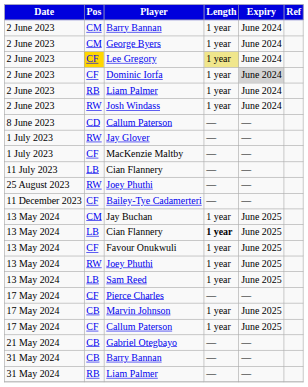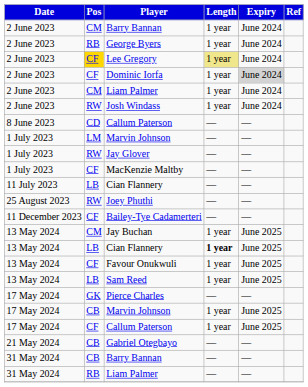 <table class="wikitable plainrowheaders sortable">
 <tr>
 <th style="background:#0000DD; color:#FFFFFF; ">Date</th>
 <th style="background:#0000DD; color:#FFFFFF; ">Pos</th>
 <th style="background:#0000DD; color:#FFFFFF; ">Player</th>
 <th style="background:#0000DD; color:#FFFFFF; ">Length</th>
 <th style="background:#0000DD; color:#FFFFFF; ">Expiry</th>
 <th style="background:#0000DD; color:#FFFFFF; ">Ref</th>
 </tr>
 <tr>
 <td>2 June 2023</td>
 <td><a href='#'>CM</a></td>
 <td> <a href='#'>Barry Bannan</a></td>
 <td>1 year</td>
 <td>June 2024</td>
 <td></td>
 </tr>
 <tr>
 <td>2 June 2023</td>
-<td><a href='#'>CM</a></td>
+<td><a href='#'>RB</a></td>
 <td> <a href='#'>George Byers</a></td>
 <td>1 year</td>
 <td>June 2024</td>
 <td></td>
 </tr>
 <tr>
 <td>2 June 2023</td>
 <td style="background: gold;"><a href='#'>CF</a></td>
 <td> <a href='#'>Lee Gregory</a></td>
 <td style="background: khaki;">1 year</td>
 <td>June 2024</td>
 <td></td>
 </tr>
 <tr>
 <td>2 June 2023</td>
 <td><a href='#'>CF</a></td>
 <td> <a href='#'>Dominic Iorfa</a></td>
 <td>1 year</td>
 <td style="background: lightgrey;">June 2024</td>
 <td></td>
 </tr>
 <tr>
 <td>2 June 2023</td>
-<td><a href='#'>RB</a></td>
+<td><a href='#'>CM</a></td>
 <td> <a href='#'>Liam Palmer</a></td>
 <td>1 year</td>
 <td>June 2024</td>
 <td></td>
 </tr>
 <tr>
 <td>2 June 2023</td>
 <td><a href='#'>RW</a></td>
 <td> <a href='#'>Josh Windass</a></td>
 <td>1 year</td>
 <td>June 2024</td>
 <td></td>
 </tr>
 <tr>
 <td>8 June 2023</td>
 <td><a href='#'>CD</a></td>
 <td> <a href='#'>Callum Paterson</a></td>
+<td>—</td>
+<td>—</td>
+<td></td>
+</tr>
+<tr>
+<td>1 July 2023</td>
+<td><a href='#'>LM</a></td>
+<td> <a href='#'>Marvin Johnson</a></td>
 <td>—</td>
 <td>—</td>
 <td></td>
 </tr>
 <tr>
 <td>1 July 2023</td>
 <td><a href='#'>RW</a></td>
 <td> <a href='#'>Jay Glover</a></td>
 <td>—</td>
 <td>—</td>
 <td></td>
 </tr>
 <tr>
 <td>1 July 2023</td>
 <td><a href='#'>CF</a></td>
 <td> MacKenzie Maltby</td>
 <td>—</td>
 <td>—</td>
 <td></td>
 </tr>
 <tr>
 <td>11 July 2023</td>
 <td><a href='#'>LB</a></td>
 <td> Cian Flannery</td>
 <td>—</td>
 <td>—</td>
 <td></td>
 </tr>
 <tr>
 <td>25 August 2023</td>
 <td><a href='#'>RW</a></td>
 <td> <a href='#'>Joey Phuthi</a></td>
 <td>—</td>
 <td>—</td>
 <td></td>
 </tr>
 <tr>
 <td>11 December 2023</td>
 <td><a href='#'>CF</a></td>
 <td> <a href='#'>Bailey-Tye Cadamerteri</a></td>
 <td>—</td>
 <td>—</td>
 <td></td>
 </tr>
 <tr>
 <td>13 May 2024</td>
 <td><a href='#'>CM</a></td>
 <td> Jay Buchan</td>
 <td>1 year</td>
 <td>June 2025</td>
 <td></td>
 </tr>
 <tr>
 <td>13 May 2024</td>
 <td><a href='#'>LB</a></td>
 <td> Cian Flannery</td>
 <td><strong>1 year</strong></td>
 <td>June 2025</td>
 <td></td>
 </tr>
 <tr>
 <td>13 May 2024</td>
 <td><a href='#'>CF</a></td>
 <td> Favour Onukwuli</td>
 <td>1 year</td>
 <td>June 2025</td>
 <td></td>
 </tr>
 <tr>
 <td>13 May 2024</td>
-<td><a href='#'>RW</a></td>
-<td> <a href='#'>Joey Phuthi</a></td>
-<td>1 year</td>
-<td>June 2025</td>
-<td></td>
-</tr>
-<tr>
-<td>13 May 2024</td>
 <td><a href='#'>LB</a></td>
 <td> <a href='#'>Sam Reed</a></td>
 <td>1 year</td>
 <td>June 2025</td>
 <td></td>
 </tr>
 <tr>
 <td>17 May 2024</td>
-<td><a href='#'>CF</a></td>
+<td><a href='#'>GK</a></td>
 <td> <a href='#'>Pierce Charles</a></td>
 <td>—</td>
 <td>—</td>
 <td></td>
 </tr>
 <tr>
 <td>17 May 2024</td>
 <td><a href='#'>CB</a></td>
 <td> <a href='#'>Marvin Johnson</a></td>
 <td>1 year</td>
 <td>June 2025</td>
 <td></td>
 </tr>
 <tr>
 <td>17 May 2024</td>
 <td><a href='#'>CF</a></td>
 <td> <a href='#'>Callum Paterson</a></td>
 <td>1 year</td>
 <td>June 2025</td>
 <td></td>
 </tr>
 <tr>
 <td>21 May 2024</td>
 <td><a href='#'>CB</a></td>
 <td> <a href='#'>Gabriel Otegbayo</a></td>
 <td>—</td>
 <td>—</td>
 <td></td>
 </tr>
 <tr>
 <td>31 May 2024</td>
 <td><a href='#'>CB</a></td>
 <td> <a href='#'>Barry Bannan</a></td>
 <td>—</td>
 <td>—</td>
 <td></td>
 </tr>
 <tr>
 <td>31 May 2024</td>
 <td><a href='#'>RB</a></td>
 <td> <a href='#'>Liam Palmer</a></td>
 <td>—</td>
 <td>—</td>
 <td></td>
 </tr>
 <tr>
 </tr>
 </table>
